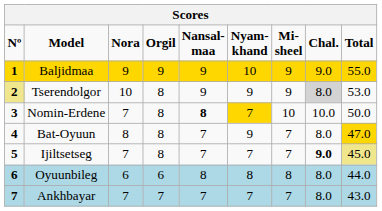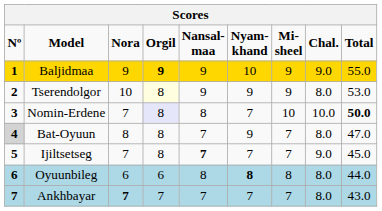 <table class="wikitable collapsible autocollapse" style="text-align:center;">
 <tr>
 <th colspan="9">Scores</th>
 </tr>
 <tr>
 <td><strong>Nº</strong></td>
 <td><strong>Model</strong></td>
 <td><strong>Nora</strong></td>
 <td><strong>Orgil</strong></td>
 <td><strong>Nansal-<br>maa</strong></td>
 <td><strong>Nyam-<br>khand</strong></td>
 <td><strong>Mi-<br>sheel</strong></td>
 <td><strong>Chal.</strong></td>
 <td><strong>Total</strong></td>
 </tr>
 <tr>
 <td style="background:gold"><strong>1</strong></td>
 <td style="background:gold">Baljidmaa</td>
 <td style="background:gold">9</td>
-<td style="background:gold">9</td>
+<td style="background:gold"><strong>9</strong></td>
 <td style="background:gold">9</td>
 <td style="background:gold">10</td>
 <td style="background:gold">9</td>
 <td style="background:gold">9.0</td>
 <td style="background:gold">55.0</td>
 </tr>
 <tr>
-<td style="background: khaki;"><strong>2</strong></td>
+<td><strong>2</strong></td>
 <td>Tserendolgor</td>
 <td>10</td>
-<td>8</td>
+<td style="background: lightyellow;">8</td>
 <td>9</td>
 <td>9</td>
 <td>9</td>
-<td style="background: lightgrey;">8.0</td>
+<td>8.0</td>
 <td>53.0</td>
 </tr>
 <tr>
 <td><strong>3</strong></td>
 <td>Nomin-Erdene</td>
 <td>7</td>
+<td style="background: lavender;">8</td>
 <td>8</td>
-<td><strong>8</strong></td>
-<td style="background: gold;">7</td>
+<td>7</td>
 <td>10</td>
 <td>10.0</td>
-<td>50.0</td>
+<td><strong>50.0</strong></td>
 </tr>
 <tr>
-<td><strong>4</strong></td>
+<td style="background: lightgrey;"><strong>4</strong></td>
 <td>Bat-Oyuun</td>
 <td>8</td>
 <td>8</td>
 <td>7</td>
 <td>9</td>
 <td>7</td>
 <td>8.0</td>
-<td style="background: gold;">47.0</td>
+<td>47.0</td>
 </tr>
 <tr>
 <td><strong>5</strong></td>
 <td>Ijiltsetseg</td>
 <td>7</td>
 <td>8</td>
+<td><strong>7</strong></td>
 <td>7</td>
 <td>7</td>
-<td>7</td>
-<td><strong>9.0</strong></td>
-<td style="background: khaki;">45.0</td>
+<td>9.0</td>
+<td>45.0</td>
 </tr>
 <tr>
 <td style="background:lightblue"><strong>6</strong></td>
 <td style="background:lightblue">Oyuunbileg</td>
 <td style="background:lightblue">6</td>
 <td style="background:lightblue">6</td>
 <td style="background:lightblue">8</td>
-<td style="background:lightblue">8</td>
+<td style="background:lightblue"><strong>8</strong></td>
 <td style="background:lightblue">8</td>
 <td style="background:lightblue">8.0</td>
 <td style="background:lightblue">44.0</td>
 </tr>
 <tr>
 <td style="background:lightblue"><strong>7</strong></td>
 <td style="background:lightblue">Ankhbayar</td>
-<td style="background:lightblue">7</td>
+<td style="background:lightblue"><strong>7</strong></td>
 <td style="background:lightblue">7</td>
 <td style="background:lightblue">7</td>
 <td style="background:lightblue">7</td>
 <td style="background:lightblue">7</td>
 <td style="background:lightblue">8.0</td>
 <td style="background:lightblue">43.0</td>
 </tr>
 </table>
